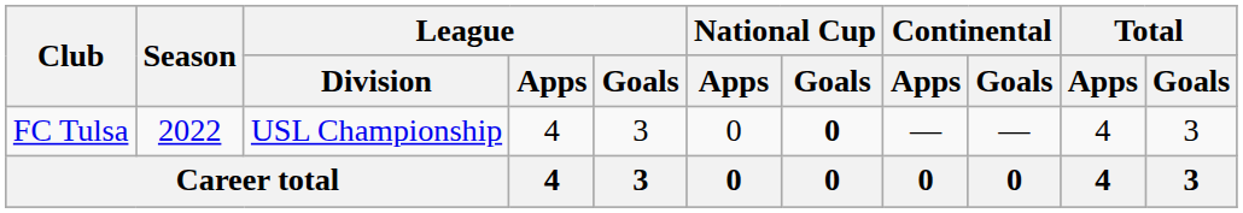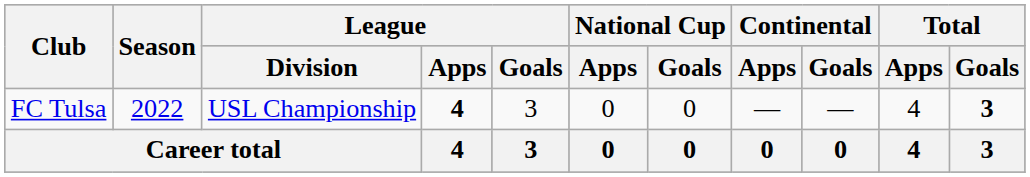 <table class=wikitable style=text-align:center>
 <tr>
 <th rowspan=2>Club</th>
 <th rowspan=2>Season</th>
 <th colspan=3>League</th>
 <th colspan=2>National Cup</th>
 <th colspan=2>Continental</th>
 <th colspan=2>Total</th>
 </tr>
 <tr>
 <th>Division</th>
 <th>Apps</th>
 <th>Goals</th>
 <th>Apps</th>
 <th>Goals</th>
 <th>Apps</th>
 <th>Goals</th>
 <th>Apps</th>
 <th>Goals</th>
 </tr>
 <tr>
 <td rowspan=1><a href='#'>FC Tulsa</a></td>
 <td><a href='#'>2022</a></td>
 <td><a href='#'>USL Championship</a></td>
-<td>4</td>
+<td><strong>4</strong></td>
 <td>3</td>
 <td>0</td>
-<td><strong>0</strong></td>
+<td>0</td>
 <td>—</td>
 <td>—</td>
 <td>4</td>
-<td>3</td>
+<td><strong>3</strong></td>
 </tr>
 <tr>
 <th colspan=3>Career total</th>
 <th>4</th>
 <th>3</th>
 <th>0</th>
 <th>0</th>
 <th>0</th>
 <th>0</th>
 <th>4</th>
 <th>3</th>
 </tr>
 </table>
